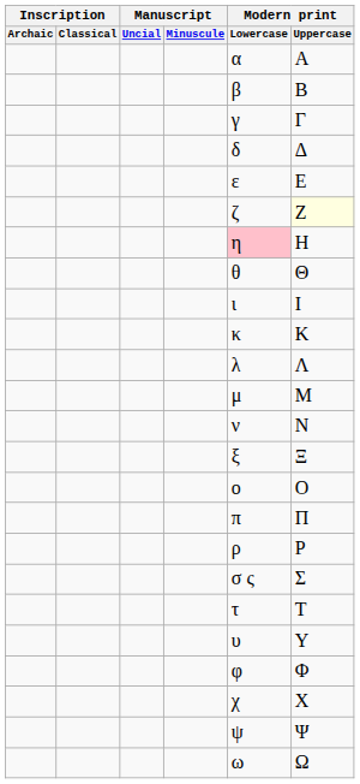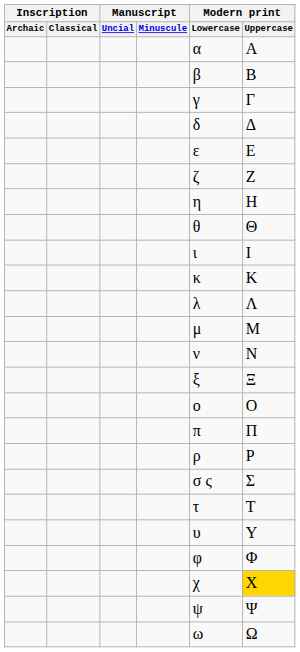 <table class="wikitable skin-invert-image">
 <tr>
 <th colspan="2">Inscription</th>
 <th colspan="2">Manuscript</th>
 <th colspan="2">Modern print</th>
 </tr>
 <tr style="font-size: smaller;">
 <th>Archaic</th>
 <th>Classical</th>
 <th><a href='#'>Uncial</a></th>
 <th><a href='#'>Minuscule</a></th>
 <th>Lowercase</th>
 <th>Uppercase</th>
 </tr>
 <tr>
 <td></td>
 <td></td>
 <td></td>
 <td></td>
 <td style="font-family:serif;font-size:larger;">α</td>
 <td style="font-family:serif;font-size:larger;">Α</td>
 </tr>
 <tr>
 <td></td>
 <td></td>
 <td></td>
 <td></td>
 <td style="font-family:serif;font-size:larger;">β</td>
 <td style="font-family:serif;font-size:larger;">Β</td>
 </tr>
 <tr>
 <td></td>
 <td></td>
 <td></td>
 <td></td>
 <td style="font-family:serif;font-size:larger;">γ</td>
 <td style="font-family:serif;font-size:larger;">Γ</td>
 </tr>
 <tr>
 <td></td>
 <td></td>
 <td></td>
 <td></td>
 <td style="font-family:serif;font-size:larger;">δ</td>
 <td style="font-family:serif;font-size:larger;">Δ</td>
 </tr>
 <tr>
 <td></td>
 <td></td>
 <td></td>
 <td></td>
 <td style="font-family:serif;font-size:larger;">ε</td>
 <td style="font-family:serif;font-size:larger;">Ε</td>
 </tr>
 <tr>
 <td></td>
 <td></td>
 <td></td>
 <td></td>
 <td style="font-family:serif;font-size:larger;">ζ</td>
-<td style="background: lightyellow; font-family:serif;font-size:larger;">Ζ</td>
+<td style="font-family:serif;font-size:larger;">Ζ</td>
 </tr>
 <tr>
 <td></td>
 <td></td>
 <td></td>
 <td></td>
-<td style="background: pink; font-family:serif;font-size:larger;">η</td>
+<td style="font-family:serif;font-size:larger;">η</td>
 <td style="font-family:serif;font-size:larger;">Η</td>
 </tr>
 <tr>
 <td></td>
 <td></td>
 <td></td>
 <td></td>
 <td style="font-family:serif;font-size:larger;">θ</td>
 <td style="font-family:serif;font-size:larger;">Θ</td>
 </tr>
 <tr>
 <td></td>
 <td></td>
 <td></td>
 <td></td>
 <td style="font-family:serif;font-size:larger;">ι</td>
 <td style="font-family:serif;font-size:larger;">Ι</td>
 </tr>
 <tr>
 <td></td>
 <td></td>
 <td></td>
 <td></td>
 <td style="font-family:serif;font-size:larger;">κ</td>
 <td style="font-family:serif;font-size:larger;">Κ</td>
 </tr>
 <tr>
 <td></td>
 <td></td>
 <td></td>
 <td></td>
 <td style="font-family:serif;font-size:larger;">λ</td>
 <td style="font-family:serif;font-size:larger;">Λ</td>
 </tr>
 <tr>
 <td></td>
 <td></td>
 <td></td>
 <td></td>
 <td style="font-family:serif;font-size:larger;">μ</td>
 <td style="font-family:serif;font-size:larger;">Μ</td>
 </tr>
 <tr>
 <td></td>
 <td></td>
 <td></td>
 <td></td>
 <td style="font-family:serif;font-size:larger;">ν</td>
 <td style="font-family:serif;font-size:larger;">Ν</td>
 </tr>
 <tr>
 <td></td>
 <td></td>
 <td></td>
 <td></td>
 <td style="font-family:serif;font-size:larger;">ξ</td>
 <td style="font-family:serif;font-size:larger;">Ξ</td>
 </tr>
 <tr>
 <td></td>
 <td></td>
 <td></td>
 <td></td>
 <td style="font-family:serif;font-size:larger;">ο</td>
 <td style="font-family:serif;font-size:larger;">Ο</td>
 </tr>
 <tr>
 <td></td>
 <td></td>
 <td></td>
 <td></td>
 <td style="font-family:serif;font-size:larger;">π</td>
 <td style="font-family:serif;font-size:larger;">Π</td>
 </tr>
 <tr>
 <td></td>
 <td></td>
 <td></td>
 <td></td>
 <td style="font-family:serif;font-size:larger;">ρ</td>
 <td style="font-family:serif;font-size:larger;">Ρ</td>
 </tr>
 <tr>
 <td></td>
 <td></td>
 <td></td>
 <td></td>
 <td style="font-family:serif;font-size:larger;">σ ς</td>
 <td style="font-family:serif;font-size:larger;">Σ</td>
 </tr>
 <tr>
 <td></td>
 <td></td>
 <td></td>
 <td></td>
 <td style="font-family:serif;font-size:larger;">τ</td>
 <td style="font-family:serif;font-size:larger;">Τ</td>
 </tr>
 <tr>
 <td></td>
 <td></td>
 <td></td>
 <td></td>
 <td style="font-family:serif;font-size:larger;">υ</td>
 <td style="font-family:serif;font-size:larger;">Υ</td>
 </tr>
 <tr>
 <td></td>
 <td></td>
 <td></td>
 <td></td>
 <td style="font-family:serif;font-size:larger;">φ</td>
 <td style="font-family:serif;font-size:larger;">Φ</td>
 </tr>
 <tr>
 <td></td>
 <td></td>
 <td></td>
 <td></td>
 <td style="font-family:serif;font-size:larger;">χ</td>
-<td style="font-family:serif;font-size:larger;">Χ</td>
+<td style="background: gold; font-family:serif;font-size:larger;">Χ</td>
 </tr>
 <tr>
 <td></td>
 <td></td>
 <td></td>
 <td></td>
 <td style="font-family:serif;font-size:larger;">ψ</td>
 <td style="font-family:serif;font-size:larger;">Ψ</td>
 </tr>
 <tr>
 <td></td>
 <td></td>
 <td></td>
 <td></td>
 <td style="font-family:serif;font-size:larger;">ω</td>
 <td style="font-family:serif;font-size:larger;">Ω</td>
 </tr>
 </table>
